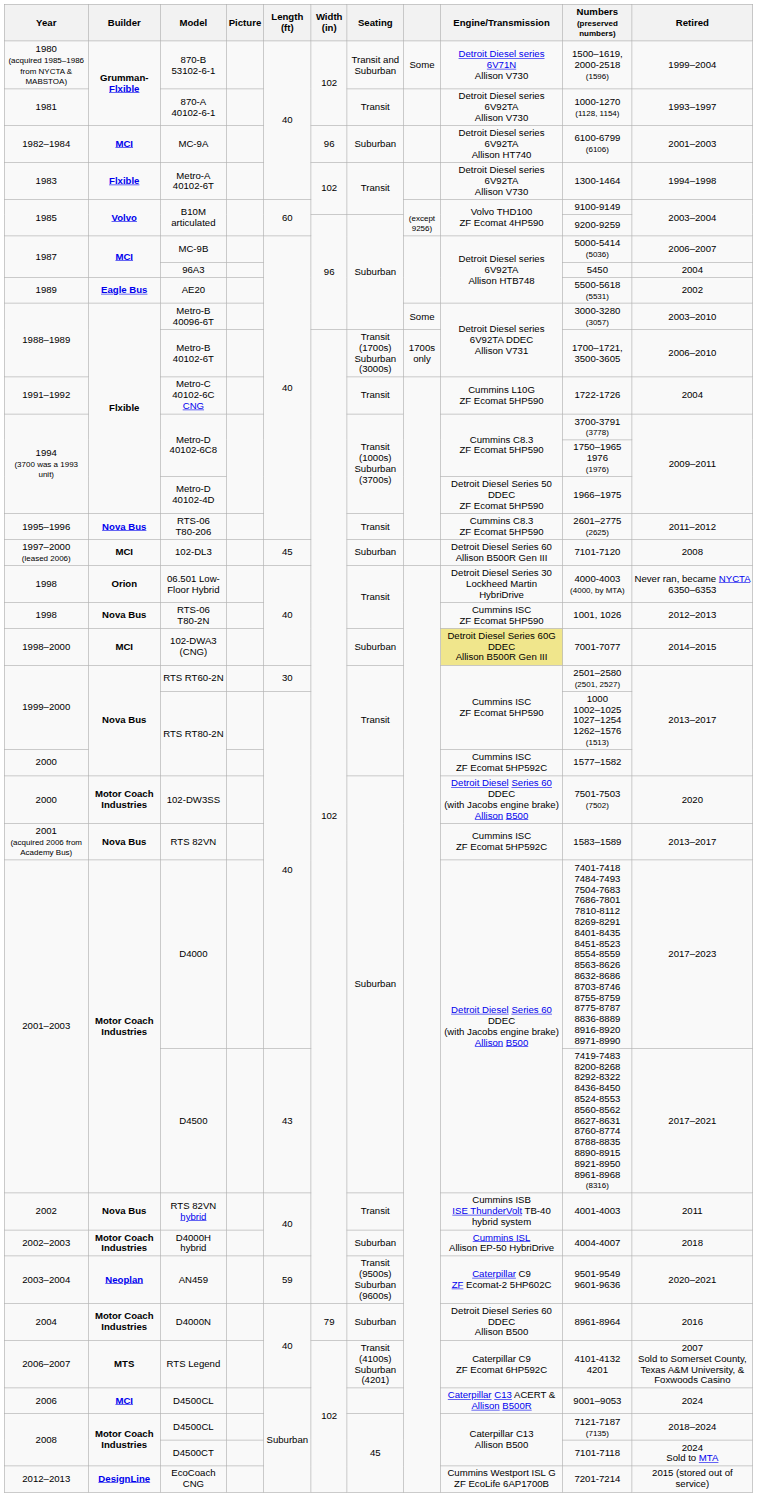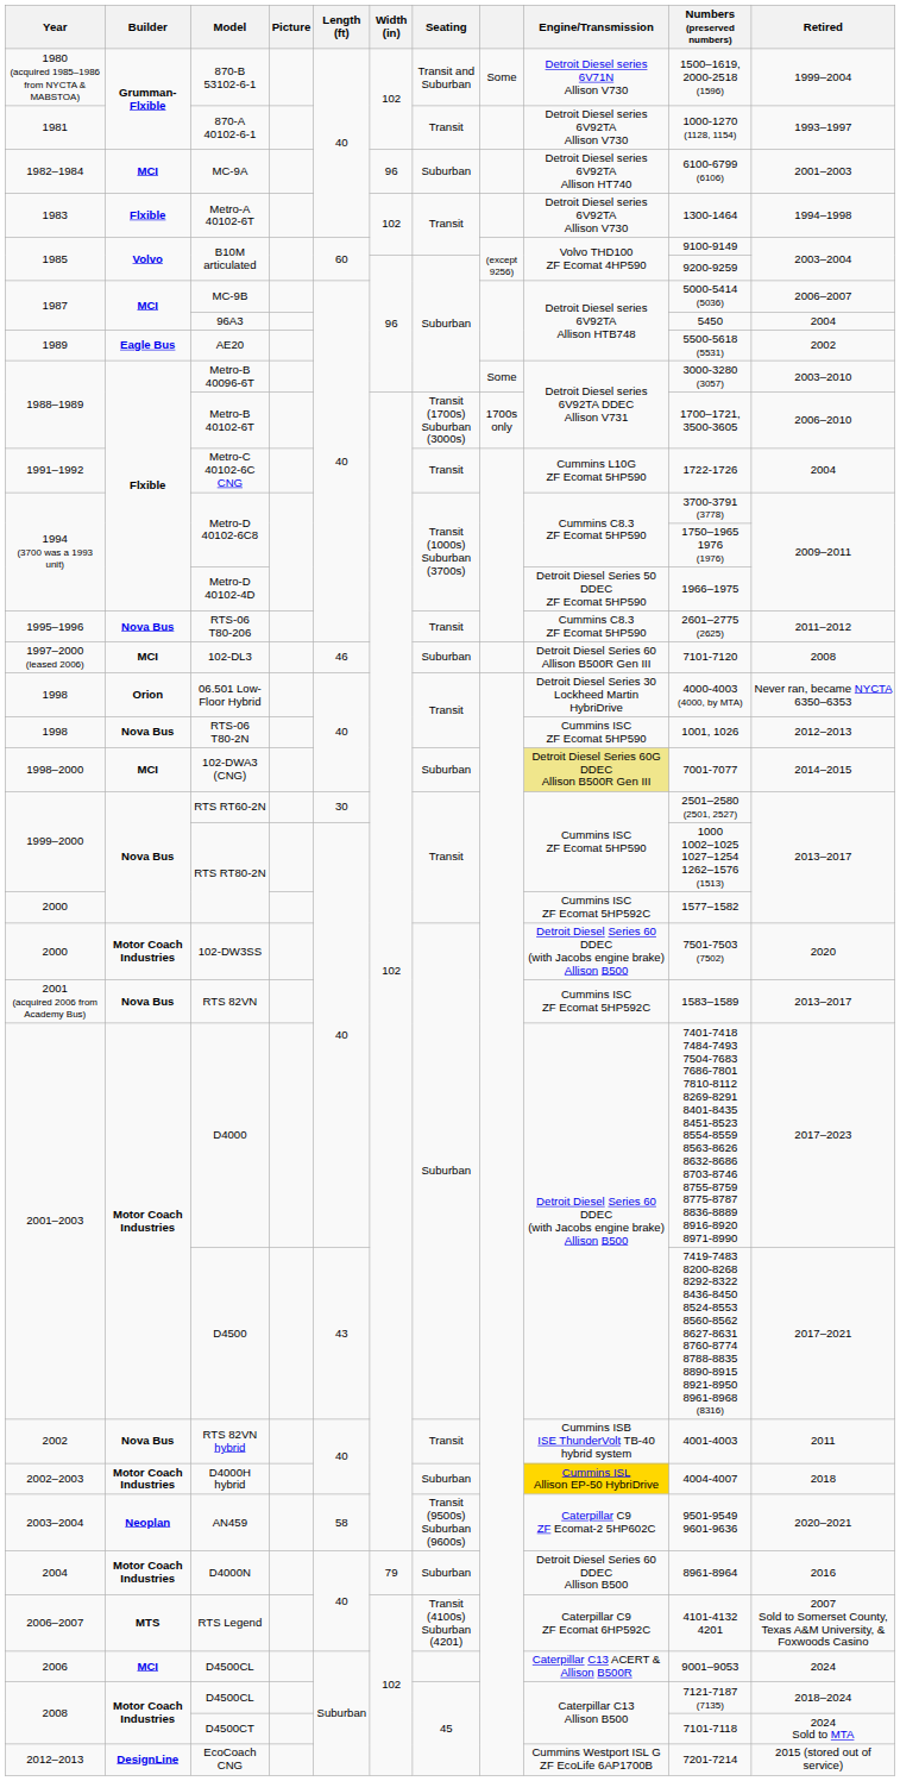 <table class="wikitable">
 <tr align="center">
 <th>Year</th>
 <th>Builder</th>
 <th>Model</th>
 <th>Picture</th>
 <th>Length (ft)</th>
 <th>Width (in)</th>
 <th>Seating</th>
 <th></th>
 <th>Engine/Transmission</th>
 <th>Numbers <small>(preserved numbers)</small></th>
 <th>Retired</th>
 </tr>
 <tr align="center">
 <td>1980<br><small>(acquired 1985–1986 from NYCTA & MABSTOA)</small></td>
 <td rowspan="2"><strong>Grumman-<a href='#'>Flxible</a></strong></td>
 <td>870-B<br>53102-6-1</td>
 <td><br></td>
 <td rowspan="4">40</td>
 <td rowspan="2">102</td>
 <td>Transit and<br>Suburban</td>
 <td>Some</td>
 <td><a href='#'>Detroit Diesel series 6V71N</a><br>Allison V730</td>
 <td>1500–1619, 2000-2518<br><small>(1596)</small></td>
 <td>1999–2004</td>
 </tr>
 <tr align="center">
 <td>1981</td>
 <td>870-A<br>40102-6-1</td>
 <td></td>
 <td>Transit</td>
 <td></td>
 <td>Detroit Diesel series 6V92TA<br>Allison V730</td>
 <td>1000-1270<br><small>(1128, 1154)</small></td>
 <td>1993–1997</td>
 </tr>
 <tr align="center">
 <td>1982–1984</td>
 <td><strong><a href='#'>MCI</a></strong></td>
 <td>MC-9A</td>
 <td></td>
 <td>96</td>
 <td>Suburban</td>
 <td></td>
 <td>Detroit Diesel series 6V92TA<br>Allison HT740</td>
 <td>6100-6799<br><small>(6106)</small></td>
 <td>2001–2003</td>
 </tr>
 <tr align="center">
 <td>1983</td>
 <td><strong><a href='#'>Flxible</a></strong></td>
 <td>Metro-A<br>40102-6T</td>
 <td></td>
 <td rowspan="2">102</td>
 <td rowspan="2">Transit</td>
 <td></td>
 <td>Detroit Diesel series 6V92TA<br>Allison V730</td>
 <td>1300-1464</td>
 <td>1994–1998</td>
 </tr>
 <tr align="center">
 <td rowspan=2>1985</td>
 <td rowspan=2><strong><a href='#'>Volvo</a></strong></td>
 <td rowspan=2>B10M<br>articulated</td>
 <td rowspan=2></td>
 <td rowspan="2">60</td>
 <td rowspan=2><br><small>(except 9256)</small></td>
 <td rowspan=2>Volvo THD100<br>ZF Ecomat 4HP590</td>
 <td>9100-9149</td>
 <td rowspan=2>2003–2004</td>
 </tr>
 <tr align="center">
 <td rowspan="5">96</td>
 <td rowspan="5">Suburban</td>
 <td>9200-9259</td>
 </tr>
 <tr align="center">
 <td rowspan=2>1987</td>
 <td rowspan=2><strong><a href='#'>MCI</a></strong></td>
 <td>MC-9B</td>
 <td></td>
 <td rowspan="10">40</td>
 <td rowspan="3"></td>
 <td rowspan=3>Detroit Diesel series 6V92TA<br>Allison HTB748</td>
 <td>5000-5414<br><small>(5036)</small></td>
 <td>2006–2007</td>
 </tr>
 <tr align="center">
 <td>96A3</td>
 <td></td>
 <td>5450</td>
 <td>2004</td>
 </tr>
 <tr align="center">
 <td>1989</td>
 <td><strong><a href='#'>Eagle Bus</a></strong></td>
 <td>AE20</td>
 <td></td>
 <td>5500-5618<br><small>(5531)</small></td>
 <td>2002</td>
 </tr>
 <tr align="center">
 <td rowspan=2>1988–1989</td>
 <td rowspan=6><strong>Flxible</strong></td>
 <td>Metro-B<br>40096-6T</td>
 <td></td>
 <td>Some</td>
 <td rowspan=2>Detroit Diesel series 6V92TA DDEC<br>Allison V731</td>
 <td>3000-3280<br><small>(3057)</small></td>
 <td>2003–2010</td>
 </tr>
 <tr align="center">
 <td>Metro-B<br>40102-6T</td>
 <td><br></td>
 <td rowspan="20">102</td>
 <td>Transit (1700s)<br>Suburban (3000s)</td>
 <td>1700s only</td>
 <td>1700–1721,<br>3500-3605</td>
 <td>2006–2010</td>
 </tr>
 <tr align="center">
 <td>1991–1992</td>
 <td>Metro-C<br>40102-6C <a href='#'>CNG</a></td>
 <td></td>
 <td>Transit</td>
 <td rowspan="5"></td>
 <td>Cummins L10G<br>ZF Ecomat 5HP590</td>
 <td>1722-1726</td>
 <td>2004</td>
 </tr>
 <tr align="center">
 <td rowspan=3>1994<br><small>(3700 was a 1993 unit)</small></td>
 <td rowspan=2>Metro-D<br>40102-6C8</td>
 <td rowspan=3><br></td>
 <td rowspan=3>Transit (1000s)<br>Suburban (3700s)</td>
 <td rowspan=2>Cummins C8.3<br>ZF Ecomat 5HP590</td>
 <td>3700-3791<br><small>(3778)</small></td>
 <td rowspan=3>2009–2011</td>
 </tr>
 <tr align="center">
 <td>1750–1965<br>1976<br><small>(1976)</small></td>
 </tr>
 <tr align="center">
 <td>Metro-D<br>40102-4D</td>
 <td>Detroit Diesel Series 50 DDEC<br>ZF Ecomat 5HP590</td>
 <td>1966–1975</td>
 </tr>
 <tr align="center">
 <td>1995–1996</td>
 <td><strong><a href='#'>Nova Bus</a></strong></td>
 <td>RTS-06<br>T80-206</td>
 <td></td>
 <td>Transit</td>
 <td>Cummins C8.3<br>ZF Ecomat 5HP590</td>
 <td>2601–2775<br><small>(2625)</small></td>
 <td>2011–2012</td>
 </tr>
 <tr align="center">
 <td>1997–2000<br><small>(leased 2006)</small></td>
 <td><strong>MCI</strong></td>
 <td>102-DL3</td>
 <td></td>
-<td>45</td>
+<td>46</td>
 <td>Suburban</td>
 <td></td>
 <td>Detroit Diesel Series 60<br>Allison B500R Gen III</td>
 <td>7101-7120</td>
 <td>2008</td>
 </tr>
 <tr align="center">
 <td>1998</td>
 <td><strong>Orion</strong></td>
 <td>06.501 Low-Floor Hybrid</td>
 <td></td>
 <td rowspan="3">40</td>
 <td rowspan="2">Transit</td>
 <td rowspan="19"></td>
 <td>Detroit Diesel Series 30<br>Lockheed Martin HybriDrive</td>
 <td>4000-4003<br><small>(4000, by MTA)</small></td>
 <td>Never ran, became <a href='#'>NYCTA</a> 6350–6353</td>
 </tr>
 <tr align="center">
 <td>1998</td>
 <td><strong>Nova Bus</strong></td>
 <td>RTS-06<br>T80-2N</td>
 <td></td>
 <td>Cummins ISC<br>ZF Ecomat 5HP590</td>
 <td>1001, 1026</td>
 <td>2012–2013</td>
 </tr>
 <tr align="center">
 <td>1998–2000</td>
 <td><strong>MCI</strong></td>
 <td>102-DWA3 (CNG)</td>
 <td></td>
 <td>Suburban</td>
 <td style="background: khaki;">Detroit Diesel Series 60G DDEC<br>Allison B500R Gen III</td>
 <td>7001-7077</td>
 <td>2014–2015</td>
 </tr>
 <tr align="center">
 <td rowspan=2>1999–2000</td>
 <td rowspan="3"><strong>Nova Bus</strong></td>
 <td>RTS RT60-2N</td>
 <td><br></td>
 <td>30</td>
 <td rowspan="3">Transit</td>
 <td rowspan=2>Cummins ISC<br>ZF Ecomat 5HP590</td>
 <td>2501–2580<br><small>(2501, 2527)</small></td>
 <td rowspan="3">2013–2017</td>
 </tr>
 <tr align="center">
 <td rowspan=2>RTS RT80-2N</td>
 <td><br></td>
 <td rowspan="5">40</td>
 <td>1000<br>1002–1025<br>1027–1254<br>1262–1576<br><small>(1513)</small></td>
 </tr>
 <tr align="center">
 <td>2000</td>
 <td></td>
 <td>Cummins ISC<br>ZF Ecomat 5HP592C</td>
 <td>1577–1582</td>
 </tr>
 <tr align="center">
 <td>2000</td>
 <td><strong>Motor Coach Industries</strong></td>
 <td>102-DW3SS</td>
 <td></td>
 <td rowspan="4">Suburban</td>
 <td><a href='#'>Detroit Diesel</a> <a href='#'>Series 60</a> DDEC<br>(with Jacobs engine brake)<br><a href='#'>Allison</a> <a href='#'>B500</a></td>
 <td>7501-7503<br><small>(7502)</small></td>
 <td>2020</td>
 </tr>
 <tr align="center">
 <td>2001<br><small>(acquired 2006 from Academy Bus)</small></td>
 <td><strong>Nova Bus</strong></td>
 <td>RTS 82VN</td>
 <td><br></td>
 <td>Cummins ISC<br>ZF Ecomat 5HP592C</td>
 <td>1583–1589</td>
 <td>2013–2017</td>
 </tr>
 <tr align="center">
 <td rowspan="2">2001–2003</td>
 <td rowspan="2"><strong>Motor Coach Industries</strong></td>
 <td>D4000</td>
 <td><br> </td>
 <td rowspan="2"><a href='#'>Detroit Diesel</a> <a href='#'>Series 60</a> DDEC<br>(with Jacobs engine brake)<br><a href='#'>Allison</a> <a href='#'>B500</a></td>
 <td>7401-7418<br>7484-7493<br>7504-7683<br>7686-7801<br>7810-8112<br>8269-8291<br>8401-8435<br>8451-8523<br>8554-8559<br>8563-8626<br>8632-8686<br>8703-8746<br>8755-8759<br>8775-8787<br>8836-8889<br>8916-8920<br>8971-8990</td>
 <td>2017–2023</td>
 </tr>
 <tr align="center">
 <td>D4500</td>
 <td><br><br></td>
 <td>43</td>
 <td>7419-7483<br>8200-8268<br>8292-8322<br>8436-8450<br>8524-8553<br>8560-8562<br>8627-8631<br>8760-8774<br>8788-8835<br>8890-8915<br>8921-8950<br>8961-8968<br><small>(8316)</small></td>
 <td>2017–2021</td>
 </tr>
 <tr align="center">
 <td>2002</td>
 <td><strong>Nova Bus</strong></td>
 <td>RTS 82VN <a href='#'>hybrid</a></td>
 <td></td>
 <td rowspan="2">40</td>
 <td>Transit</td>
 <td>Cummins ISB<br><a href='#'>ISE ThunderVolt</a> TB-40 hybrid system</td>
 <td>4001-4003</td>
 <td>2011</td>
 </tr>
 <tr align="center">
 <td>2002–2003</td>
 <td><strong>Motor Coach Industries</strong></td>
 <td>D4000H hybrid</td>
 <td></td>
 <td>Suburban</td>
-<td><a href='#'>Cummins ISL</a><br>Allison EP-50 HybriDrive</td>
+<td style="background: gold;"><a href='#'>Cummins ISL</a><br>Allison EP-50 HybriDrive</td>
 <td>4004-4007</td>
 <td>2018</td>
 </tr>
 <tr align="center">
 <td>2003–2004</td>
 <td><strong><a href='#'>Neoplan</a></strong></td>
 <td>AN459</td>
 <td><br></td>
-<td>59</td>
+<td>58</td>
 <td>Transit (9500s)<br>Suburban (9600s)</td>
 <td><a href='#'>Caterpillar</a> C9<br><a href='#'>ZF</a> Ecomat-2 5HP602C</td>
 <td>9501-9549<br>9601-9636</td>
 <td>2020–2021</td>
 </tr>
 <tr align="center">
 <td>2004</td>
 <td><strong>Motor Coach Industries</strong></td>
 <td>D4000N</td>
 <td></td>
 <td rowspan="2">40</td>
 <td>79</td>
 <td>Suburban</td>
 <td>Detroit Diesel Series 60 DDEC<br>Allison B500</td>
 <td>8961-8964</td>
 <td>2016</td>
 </tr>
 <tr align="center">
 <td>2006–2007</td>
 <td><strong>MTS</strong></td>
 <td>RTS Legend</td>
 <td></td>
 <td rowspan="5">102</td>
 <td>Transit (4100s)<br>Suburban (4201)</td>
 <td>Caterpillar C9<br>ZF Ecomat 6HP592C</td>
 <td>4101-4132<br>4201</td>
 <td>2007<br>Sold to Somerset County, Texas A&M University, & Foxwoods Casino</td>
 </tr>
 <tr align="center">
 <td>2006</td>
 <td><strong><a href='#'>MCI</a></strong><br></td>
 <td>D4500CL</td>
 <td></td>
 <td rowspan="4">Suburban</td>
 <td></td>
 <td><a href='#'>Caterpillar</a> <a href='#'>C13</a> ACERT & <a href='#'>Allison</a> <a href='#'>B500R</a></td>
 <td>9001–9053</td>
 <td>2024</td>
 </tr>
 <tr align="center">
 <td rowspan=2>2008</td>
 <td rowspan=2><strong>Motor Coach Industries</strong></td>
 <td>D4500CL</td>
 <td></td>
 <td rowspan="3">45</td>
 <td rowspan="2">Caterpillar C13<br>Allison B500</td>
 <td>7121-7187<br><small>(7135)</small></td>
 <td>2018–2024</td>
 </tr>
 <tr align="center">
 <td>D4500CT</td>
 <td></td>
 <td>7101-7118</td>
 <td>2024<br>Sold to <a href='#'>MTA</a></td>
 </tr>
 <tr align="center">
 <td>2012–2013</td>
 <td><strong><a href='#'>DesignLine</a></strong></td>
 <td>EcoCoach CNG</td>
 <td></td>
 <td>Cummins Westport ISL G<br>ZF EcoLife 6AP1700B</td>
 <td>7201-7214</td>
 <td>2015 (stored out of service)</td>
 </tr>
 </table>
